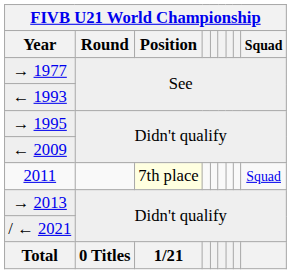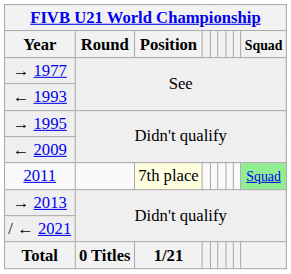 <table class="wikitable" style="text-align: center;">
 <tr>
 <th colspan=9><a href='#'>FIVB U21 World Championship</a></th>
 </tr>
 <tr>
 <th>Year</th>
 <th>Round</th>
 <th>Position</th>
 <th></th>
 <th></th>
 <th></th>
 <th></th>
 <th></th>
 <th><small>Squad</small></th>
 </tr>
 <tr bgcolor="efefef">
 <td> → <a href='#'>1977</a></td>
 <td colspan=9 rowspan=2>See </td>
 </tr>
 <tr bgcolor="efefef">
 <td> ← <a href='#'>1993</a></td>
 </tr>
 <tr bgcolor="efefef">
 <td> → <a href='#'>1995</a></td>
 <td colspan=8 rowspan=2>Didn't qualify</td>
 </tr>
 <tr bgcolor="efefef">
 <td> ← <a href='#'>2009</a></td>
 </tr>
 <tr>
 <td> <a href='#'>2011</a></td>
 <td></td>
 <td style="background: lightyellow;">7th place</td>
 <td></td>
 <td></td>
 <td></td>
 <td></td>
 <td></td>
-<td><small><a href='#'>Squad</a></small></td>
+<td style="background: lightgreen;"><small><a href='#'>Squad</a></small></td>
 </tr>
 <tr bgcolor="efefef">
 <td> → <a href='#'>2013</a></td>
 <td colspan=8 rowspan=2>Didn't qualify</td>
 </tr>
 <tr bgcolor="efefef">
 <td>/ ← <a href='#'>2021</a></td>
 </tr>
 <tr>
 <th>Total</th>
 <th>0 Titles</th>
 <th>1/21</th>
 <th></th>
 <th></th>
 <th></th>
 <th></th>
 <th></th>
 <th></th>
 </tr>
 </table>
